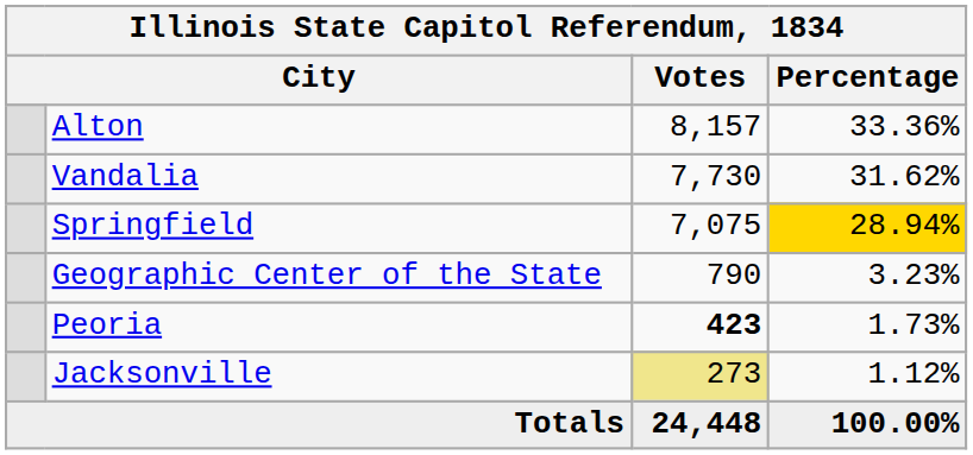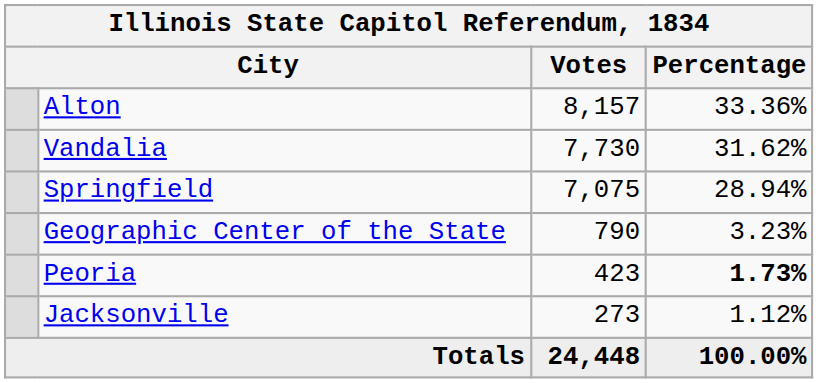 <table class="wikitable" style="font-size:95%;">
 <tr>
 <th colspan="9">Illinois State Capitol Referendum, 1834</th>
 </tr>
 <tr>
 <th colspan=2 style="width: 20em">City</th>
 <th style="width: 4em">Votes</th>
 <th style="width: 5em">Percentage</th>
 </tr>
 <tr>
 <th style="background-color:#DDDDDD; width: 3px"></th>
 <td style="width: 130px"><a href='#'>Alton</a></td>
 <td align="right">8,157</td>
 <td align="right">33.36%</td>
 </tr>
 <tr>
 <th style="background-color:#DDDDDD; width: 3px"></th>
 <td style="width: 130px"><a href='#'>Vandalia</a></td>
 <td align="right">7,730</td>
 <td align="right">31.62%</td>
 </tr>
 <tr>
 <th style="background-color:#DDDDDD; width: 3px"></th>
 <td style="width: 130px"><a href='#'>Springfield</a></td>
 <td align="right">7,075</td>
-<td align="right" style="background: gold;">28.94%</td>
+<td align="right">28.94%</td>
 </tr>
 <tr>
 <th style="background-color:#DDDDDD; width: 3px"></th>
 <td style="width: 130px"><a href='#'>Geographic Center of the State</a></td>
 <td align="right">790</td>
 <td align="right">3.23%</td>
 </tr>
 <tr>
 <th style="background-color:#DDDDDD; width: 3px"></th>
 <td style="width: 130px"><a href='#'>Peoria</a></td>
-<td align="right"><strong>423</strong></td>
-<td align="right">1.73%</td>
+<td align="right">423</td>
+<td align="right"><strong>1.73%</strong></td>
 </tr>
 <tr>
 <th style="background-color:#DDDDDD; width: 3px"></th>
 <td style="width: 130px"><a href='#'>Jacksonville</a></td>
-<td align="right" style="background: khaki;">273</td>
+<td align="right">273</td>
 <td align="right">1.12%</td>
 </tr>
 <tr bgcolor="#EEEEEE">
 <td colspan="2" align="right"><strong>Totals</strong></td>
 <td align="right"><strong>24,448</strong></td>
 <td align="right"><strong>100.00%</strong></td>
 </tr>
 </table>
